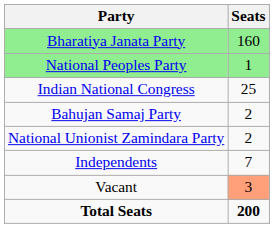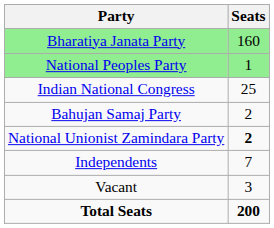 <table class="wikitable sortable" style="text-align:center;">
 <tr bgcolor="#cccccc">
 <th>Party</th>
 <th>Seats</th>
 </tr>
 <tr style="background:#90EE90;">
 <td><a href='#'>Bharatiya Janata Party</a></td>
 <td>160</td>
 </tr>
 <tr style="background:#90EE90;">
 <td><a href='#'>National Peoples Party</a></td>
 <td>1</td>
 </tr>
 <tr>
 <td><a href='#'>Indian National Congress</a></td>
 <td>25</td>
 </tr>
 <tr>
 <td><a href='#'>Bahujan Samaj Party</a></td>
 <td>2</td>
 </tr>
 <tr>
 <td><a href='#'>National Unionist Zamindara Party</a></td>
-<td>2</td>
+<td><strong>2</strong></td>
 </tr>
 <tr>
 <td><a href='#'>Independents</a></td>
 <td>7</td>
 </tr>
 <tr>
 <td>Vacant</td>
-<td style="background: lightsalmon;">3</td>
+<td>3</td>
 </tr>
 <tr>
 <td><strong>Total Seats</strong></td>
 <td><strong>200</strong></td>
 </tr>
 </table>
